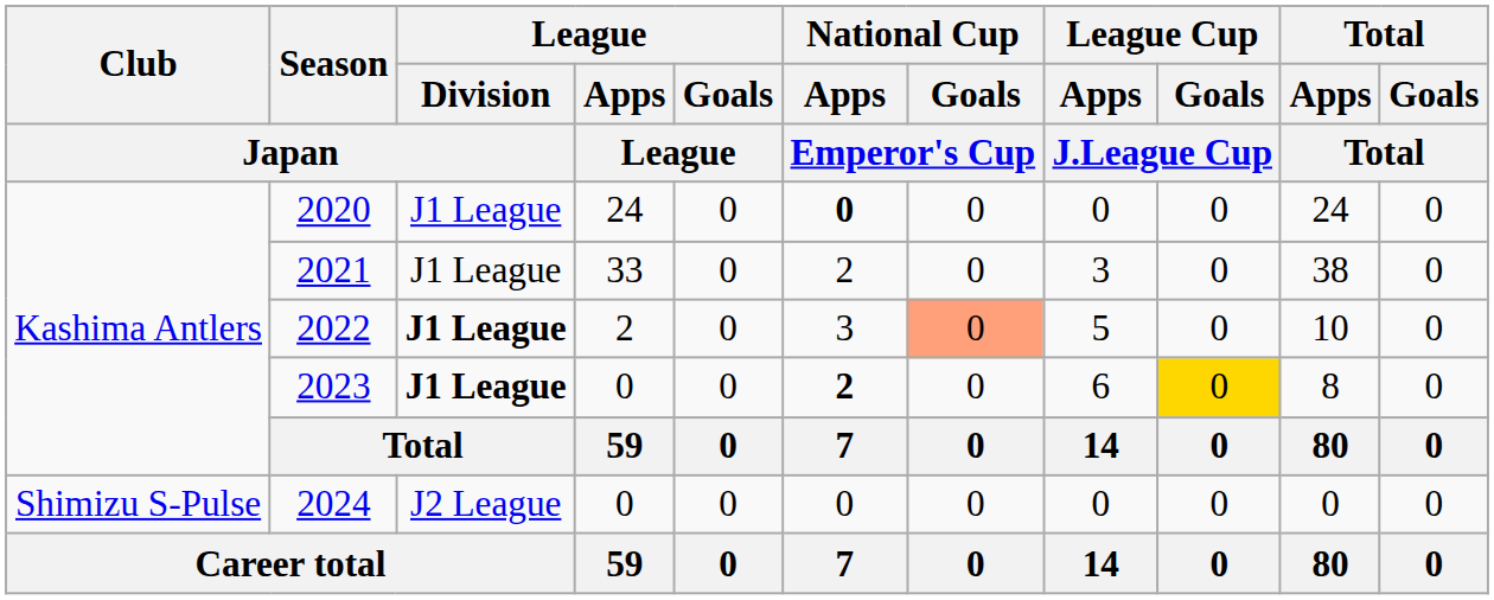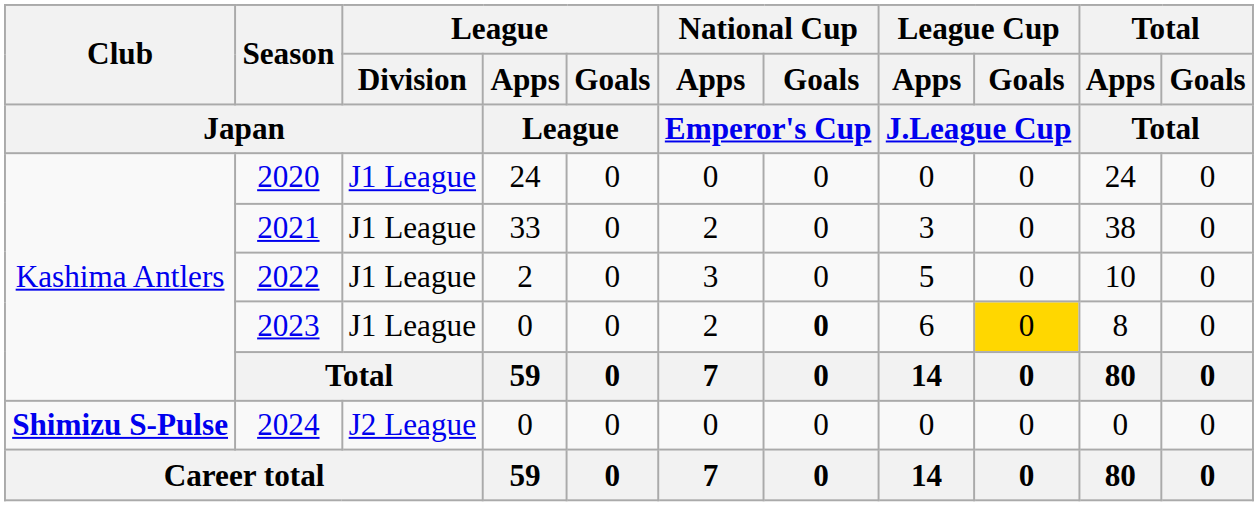 <table class="wikitable" style="text-align: center">
 <tr>
 <th rowspan="2">Club</th>
 <th rowspan="2">Season</th>
 <th colspan="3">League</th>
 <th colspan="2">National Cup</th>
 <th colspan="2">League Cup</th>
 <th colspan="2">Total</th>
 </tr>
 <tr>
 <th>Division</th>
 <th>Apps</th>
 <th>Goals</th>
 <th>Apps</th>
 <th>Goals</th>
 <th>Apps</th>
 <th>Goals</th>
 <th>Apps</th>
 <th>Goals</th>
 </tr>
 <tr>
 <th colspan=3>Japan</th>
 <th colspan=2>League</th>
 <th colspan=2><a href='#'>Emperor's Cup</a></th>
 <th colspan=2><a href='#'>J.League Cup</a></th>
 <th colspan=2>Total</th>
 </tr>
 <tr>
 <td rowspan=5><a href='#'>Kashima Antlers</a></td>
 <td><a href='#'>2020</a></td>
 <td><a href='#'>J1 League</a></td>
 <td>24</td>
 <td>0</td>
-<td><strong>0</strong></td>
+<td>0</td>
 <td>0</td>
 <td>0</td>
 <td>0</td>
 <td>24</td>
 <td>0</td>
 </tr>
 <tr>
 <td><a href='#'>2021</a></td>
 <td>J1 League</td>
 <td>33</td>
 <td>0</td>
 <td>2</td>
 <td>0</td>
 <td>3</td>
 <td>0</td>
 <td>38</td>
 <td>0</td>
 </tr>
 <tr>
 <td><a href='#'>2022</a></td>
-<td><strong>J1 League</strong></td>
+<td>J1 League</td>
 <td>2</td>
 <td>0</td>
 <td>3</td>
-<td style="background: lightsalmon;">0</td>
+<td>0</td>
 <td>5</td>
 <td>0</td>
 <td>10</td>
 <td>0</td>
 </tr>
 <tr>
 <td><a href='#'>2023</a></td>
-<td><strong>J1 League</strong></td>
+<td>J1 League</td>
 <td>0</td>
 <td>0</td>
-<td><strong>2</strong></td>
-<td>0</td>
+<td>2</td>
+<td><strong>0</strong></td>
 <td>6</td>
 <td style="background: gold;">0</td>
 <td>8</td>
 <td>0</td>
 </tr>
 <tr>
 <th colspan="2">Total</th>
 <th>59</th>
 <th>0</th>
 <th>7</th>
 <th>0</th>
 <th>14</th>
 <th>0</th>
 <th>80</th>
 <th>0</th>
 </tr>
 <tr>
-<td><a href='#'>Shimizu S-Pulse</a></td>
+<td><strong><a href='#'>Shimizu S-Pulse</a></strong></td>
 <td><a href='#'>2024</a></td>
 <td><a href='#'>J2 League</a></td>
 <td>0</td>
 <td>0</td>
 <td>0</td>
 <td>0</td>
 <td>0</td>
 <td>0</td>
 <td>0</td>
 <td>0</td>
 </tr>
 <tr>
 <th colspan=3>Career total</th>
 <th>59</th>
 <th>0</th>
 <th>7</th>
 <th>0</th>
 <th>14</th>
 <th>0</th>
 <th>80</th>
 <th>0</th>
 </tr>
 </table>
